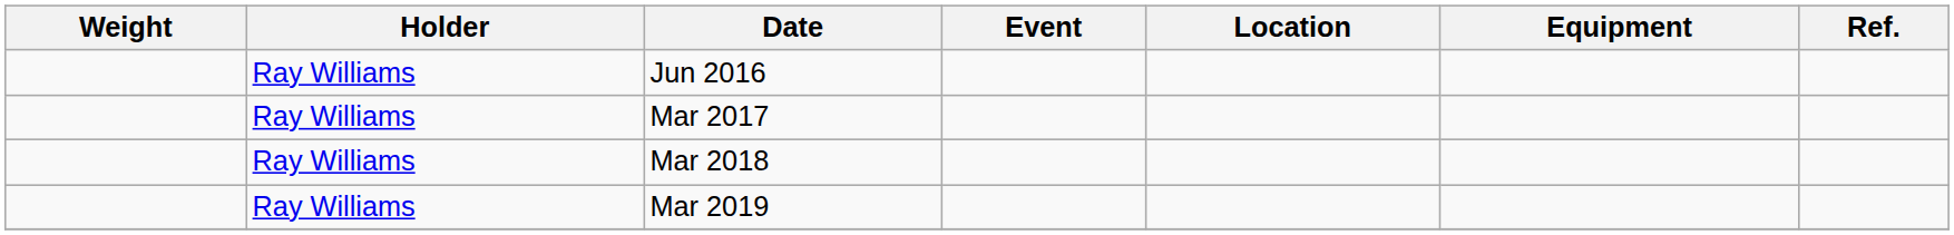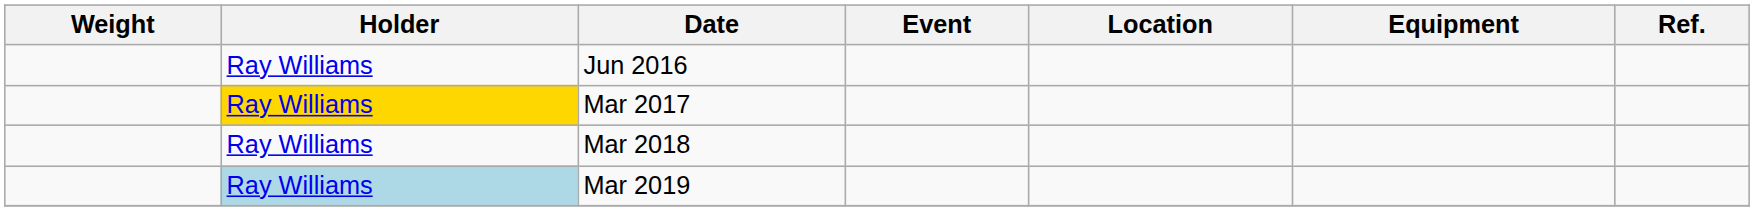 <table class="wikitable sortable" style="display: inline-table;width: 125%;">
 <tr>
 <th scope="col">Weight</th>
 <th scope="col">Holder</th>
 <th scope="col" class="unsortable">Date</th>
 <th scope="col" class="unsortable">Event</th>
 <th scope="col">Location</th>
 <th scope="col" class="unsortable">Equipment</th>
 <th scope="col" class="unsortable">Ref.</th>
 </tr>
 <tr>
 <td></td>
 <td> <a href='#'>Ray Williams</a></td>
 <td>Jun 2016</td>
 <td></td>
 <td></td>
 <td></td>
 <td></td>
 </tr>
 <tr>
 <td></td>
-<td> <a href='#'>Ray Williams</a></td>
+<td style="background: gold;"> <a href='#'>Ray Williams</a></td>
 <td>Mar 2017</td>
 <td></td>
 <td></td>
 <td></td>
 <td></td>
 </tr>
 <tr>
 <td></td>
 <td> <a href='#'>Ray Williams</a></td>
 <td>Mar 2018</td>
 <td></td>
 <td></td>
 <td></td>
 <td></td>
 </tr>
 <tr>
 <td></td>
-<td> <a href='#'>Ray Williams</a></td>
+<td style="background: lightblue;"> <a href='#'>Ray Williams</a></td>
 <td>Mar 2019</td>
 <td></td>
 <td></td>
 <td></td>
 <td></td>
 </tr>
 <tr>
 </tr>
 </table>
